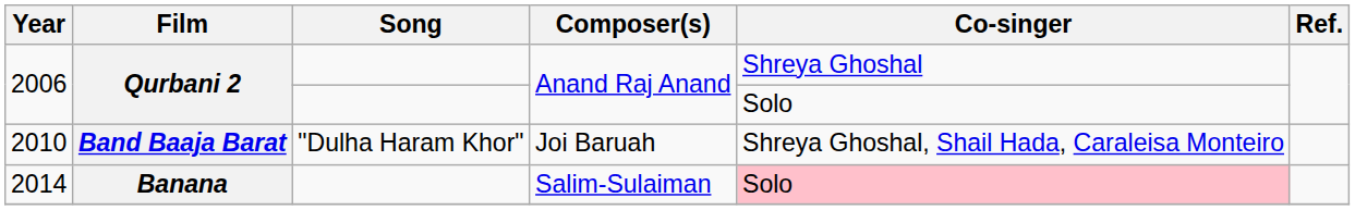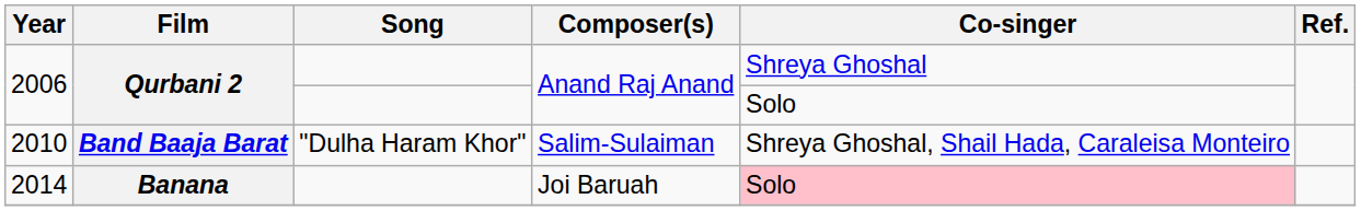 <table class="wikitable plainrowheaders">
 <tr>
 <th scope="col">Year</th>
 <th scope="col">Film</th>
 <th scope="col">Song</th>
 <th scope="col">Composer(s)</th>
 <th scope="col">Co-singer</th>
 <th scope="col">Ref.</th>
 </tr>
 <tr>
 <td rowspan="2">2006</td>
 <th rowspan="2"><em>Qurbani 2</em></th>
 <td></td>
 <td rowspan="2"><a href='#'>Anand Raj Anand</a></td>
 <td><a href='#'>Shreya Ghoshal</a></td>
 <td rowspan="2"></td>
 </tr>
 <tr>
 <td></td>
 <td>Solo</td>
 </tr>
 <tr>
 <td>2010</td>
 <th><a href='#'><em>Band Baaja Barat</em></a></th>
 <td>"Dulha Haram Khor"</td>
-<td>Joi Baruah</td>
+<td><a href='#'>Salim-Sulaiman</a></td>
 <td>Shreya Ghoshal, <a href='#'>Shail Hada</a>, <a href='#'>Caraleisa Monteiro</a></td>
 <td></td>
 </tr>
 <tr>
 <td>2014</td>
 <th><em>Banana</em></th>
 <td></td>
-<td><a href='#'>Salim-Sulaiman</a></td>
+<td>Joi Baruah</td>
 <td style="background: pink;">Solo</td>
 <td></td>
 </tr>
 <tr>
 </tr>
 </table>
